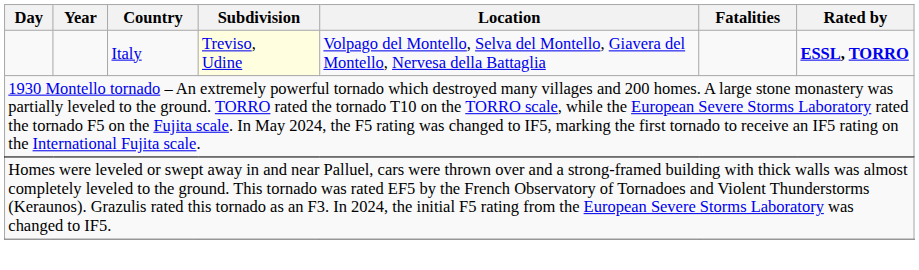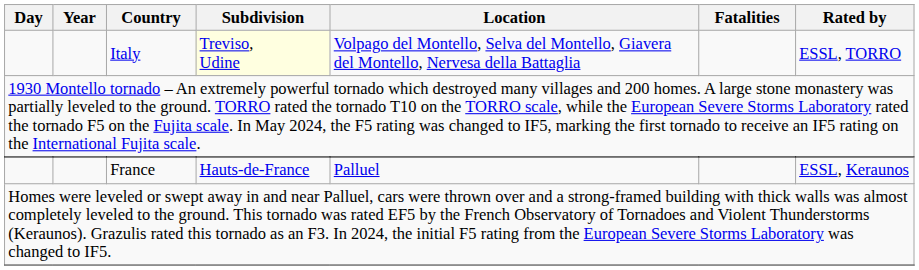 <table class="wikitable sortable" style="width:100%;">
 <tr>
 <th scope="col" align="center" class="unsortable">Day</th>
 <th scope="col" align="center" class="unsortable">Year</th>
 <th scope="col" align="center">Country</th>
 <th scope="col" align="center">Subdivision</th>
 <th scope="col" align="center">Location</th>
 <th scope="col" align="center">Fatalities</th>
 <th scope="col" align="center">Rated by</th>
 </tr>
 <tr>
 <td></td>
 <td></td>
 <td><a href='#'>Italy</a></td>
 <td style="background: lightyellow;"><a href='#'>Treviso</a>,<br><a href='#'>Udine</a></td>
 <td><a href='#'>Volpago del Montello</a>, <a href='#'>Selva del Montello</a>, <a href='#'>Giavera del Montello</a>, <a href='#'>Nervesa della Battaglia</a></td>
 <td></td>
-<td><strong><a href='#'>ESSL</a>, <a href='#'>TORRO</a></strong></td>
+<td><a href='#'>ESSL</a>, <a href='#'>TORRO</a></td>
 </tr>
 <tr class="expand-child">
 <td colspan="7" style=" border-bottom: 1px solid black;"><a href='#'>1930 Montello tornado</a> – An extremely powerful tornado which destroyed many villages and 200 homes. A large stone monastery was partially leveled to the ground. <a href='#'>TORRO</a> rated the tornado T10 on the <a href='#'>TORRO scale</a>, while the <a href='#'>European Severe Storms Laboratory</a> rated the tornado F5 on the <a href='#'>Fujita scale</a>. In May 2024, the F5 rating was changed to IF5, marking the first tornado to receive an IF5 rating on the <a href='#'>International Fujita scale</a>.</td>
+</tr>
+<tr>
+<td></td>
+<td></td>
+<td>France</td>
+<td><a href='#'>Hauts-de-France</a></td>
+<td><a href='#'>Palluel</a></td>
+<td></td>
+<td><a href='#'>ESSL</a>, <a href='#'>Keraunos</a></td>
 </tr>
 <tr class="expand-child">
 <td colspan="7" style=" border-bottom: 1px solid black;">Homes were leveled or swept away in and near Palluel, cars were thrown over  and a strong-framed building with thick walls was almost completely leveled to the ground. This tornado was rated EF5 by the French Observatory of Tornadoes and Violent Thunderstorms (Keraunos). Grazulis rated this tornado as an F3. In 2024, the initial F5 rating from the <a href='#'>European Severe Storms Laboratory</a> was changed to IF5.</td>
 </tr>
 <tr>
 </tr>
 </table>
